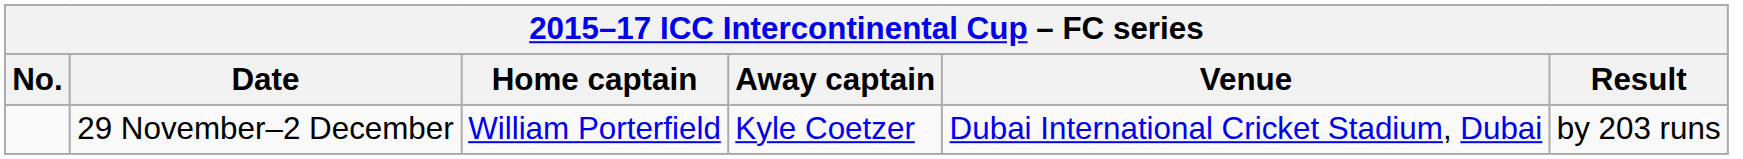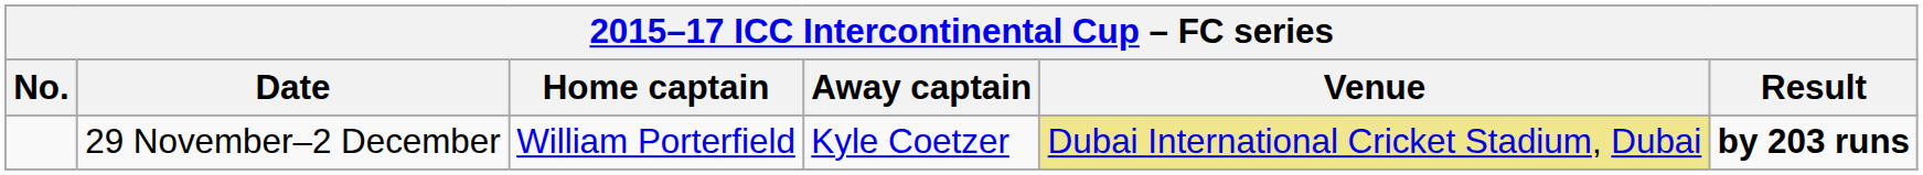 <table class="wikitable">
 <tr>
 <th colspan="6"><a href='#'>2015–17 ICC Intercontinental Cup</a> – FC series</th>
 </tr>
 <tr>
 <th>No.</th>
 <th>Date</th>
 <th>Home captain</th>
 <th>Away captain</th>
 <th>Venue</th>
 <th>Result</th>
 </tr>
 <tr>
 <td></td>
 <td>29 November–2 December</td>
 <td><a href='#'>William Porterfield</a></td>
 <td><a href='#'>Kyle Coetzer</a></td>
-<td><a href='#'>Dubai International Cricket Stadium</a>, <a href='#'>Dubai</a></td>
-<td> by 203 runs</td>
+<td style="background: khaki;"><a href='#'>Dubai International Cricket Stadium</a>, <a href='#'>Dubai</a></td>
+<td><strong> by 203 runs</strong></td>
 </tr>
 </table>
